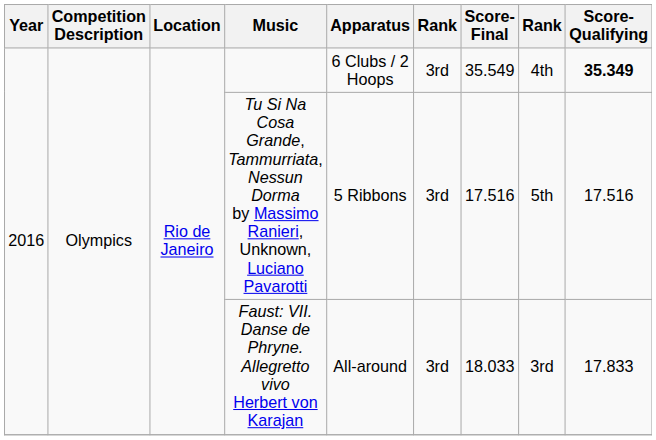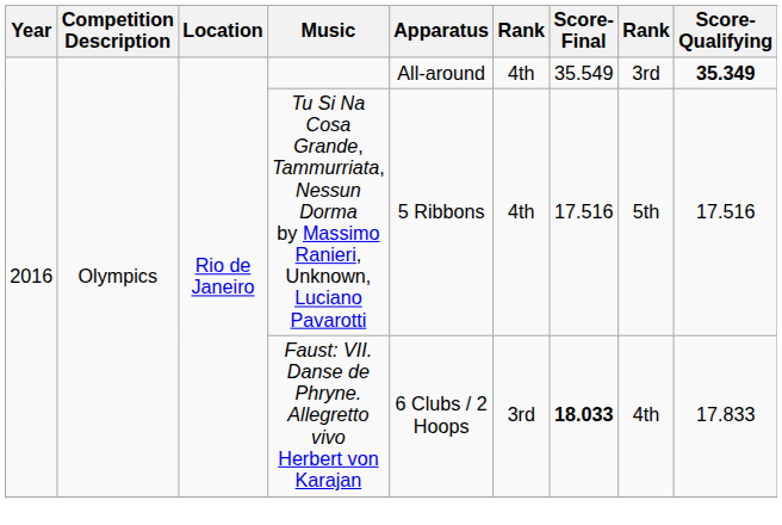 <table class="wikitable" style="text-align:center">
 <tr>
 <th>Year</th>
 <th>Competition Description</th>
 <th>Location</th>
 <th>Music</th>
 <th>Apparatus</th>
 <th>Rank</th>
 <th>Score-Final</th>
 <th>Rank</th>
 <th>Score-Qualifying</th>
 </tr>
 <tr>
 <td rowspan="3">2016</td>
 <td rowspan="3">Olympics</td>
 <td rowspan="3"><a href='#'>Rio de Janeiro</a></td>
 <td></td>
-<td>6 Clubs / 2 Hoops</td>
+<td>All-around</td>
+<td>4th</td>
+<td>35.549</td>
 <td>3rd</td>
-<td>35.549</td>
-<td>4th</td>
 <td><strong>35.349</strong></td>
 </tr>
 <tr>
 <td><em>Tu Si Na Cosa Grande</em>, <em>Tammurriata</em>, <em>Nessun Dorma </em><br> by <a href='#'>Massimo Ranieri</a>, Unknown, <a href='#'>Luciano Pavarotti</a></td>
 <td>5 Ribbons</td>
-<td>3rd</td>
+<td>4th</td>
 <td>17.516</td>
 <td>5th</td>
 <td>17.516</td>
 </tr>
 <tr>
 <td><em>Faust: VII. Danse de Phryne. Allegretto vivo</em> <br> <a href='#'>Herbert von Karajan</a></td>
-<td>All-around</td>
+<td>6 Clubs / 2 Hoops</td>
 <td>3rd</td>
-<td>18.033</td>
-<td>3rd</td>
+<td><strong>18.033</strong></td>
+<td>4th</td>
 <td>17.833</td>
 </tr>
 <tr>
 </tr>
 </table>
